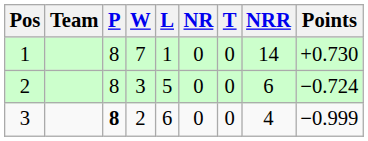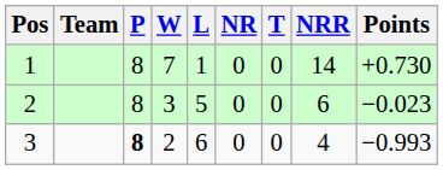 <table class="wikitable">
 <tr>
 <th>Pos</th>
 <th>Team</th>
 <th><a href='#'>P</a></th>
 <th><a href='#'>W</a></th>
 <th><a href='#'>L</a></th>
 <th><a href='#'>NR</a></th>
 <th><a href='#'>T</a></th>
 <th><a href='#'>NRR</a></th>
 <th>Points</th>
 </tr>
 <tr align="center" bgcolor="#ccffcc">
 <td>1</td>
 <td align="left"></td>
 <td>8</td>
 <td>7</td>
 <td>1</td>
 <td>0</td>
 <td>0</td>
 <td>14</td>
 <td>+0.730</td>
 </tr>
 <tr align="center" bgcolor="#ccffcc">
 <td>2</td>
 <td align="left"></td>
 <td>8</td>
 <td>3</td>
 <td>5</td>
 <td>0</td>
 <td>0</td>
 <td>6</td>
-<td>−0.724</td>
+<td>−0.023</td>
 </tr>
 <tr align="center">
 <td>3</td>
 <td align="left"></td>
 <td><strong>8</strong></td>
 <td>2</td>
 <td>6</td>
 <td>0</td>
 <td>0</td>
 <td>4</td>
-<td>−0.999</td>
+<td>−0.993</td>
 </tr>
 </table>
